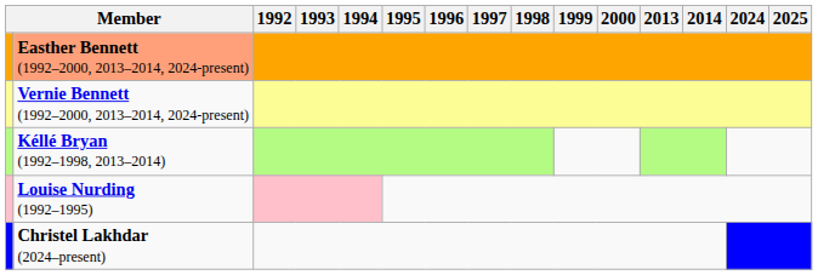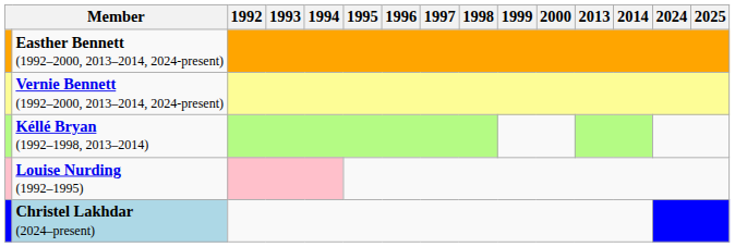 <table class="wikitable">
 <tr>
 <th colspan="2">Member</th>
 <th>1992</th>
 <th>1993</th>
 <th>1994</th>
 <th>1995</th>
 <th>1996</th>
 <th>1997</th>
 <th>1998</th>
 <th>1999</th>
 <th>2000</th>
 <th>2013</th>
 <th>2014</th>
 <th>2024</th>
 <th>2025</th>
 </tr>
 <tr>
 <td style="background:orange"></td>
-<td style="background: lightsalmon;"><strong>Easther Bennett</strong><br><small>(1992–2000, 2013–2014,  2024-present)</small></td>
+<td><strong>Easther Bennett</strong><br><small>(1992–2000, 2013–2014,  2024-present)</small></td>
 <td colspan="13"  style="text-align:center; background:orange;"></td>
 </tr>
 <tr>
 <td style="background:#FDFD96"></td>
 <td><strong><a href='#'>Vernie Bennett</a></strong><br><small>(1992–2000, 2013–2014, 2024-present)</small></td>
 <td colspan="13"  style="text-align:center; background:#FDFD96;"></td>
 </tr>
 <tr>
 <td style="background:#B4FB84"></td>
 <td><strong><a href='#'>Kéllé Bryan</a></strong><br><small>(1992–1998, 2013–2014)</small></td>
 <td colspan="7"  style="text-align:center; background:#B4FB84;"></td>
 <td colspan="2"></td>
 <td colspan="2" style="text-align:center; background:#B4FB84;"></td>
 <td colspan="2"></td>
 </tr>
 <tr>
 <td style="background:pink"></td>
 <td><strong><a href='#'>Louise Nurding</a></strong><br><small>(1992–1995)</small></td>
 <td colspan="3" style="text-align:center; background:pink"></td>
 <td colspan="10"></td>
 </tr>
 <tr>
 <td style="background:blue"></td>
-<td><strong>Christel Lakhdar</strong><br><small>(2024–present)</small></td>
+<td style="background: lightblue;"><strong>Christel Lakhdar</strong><br><small>(2024–present)</small></td>
 <td colspan="11" style="text-align:center;"></td>
 <td colspan="3" style="text-align:center; background:blue;"></td>
 </tr>
 </table>
